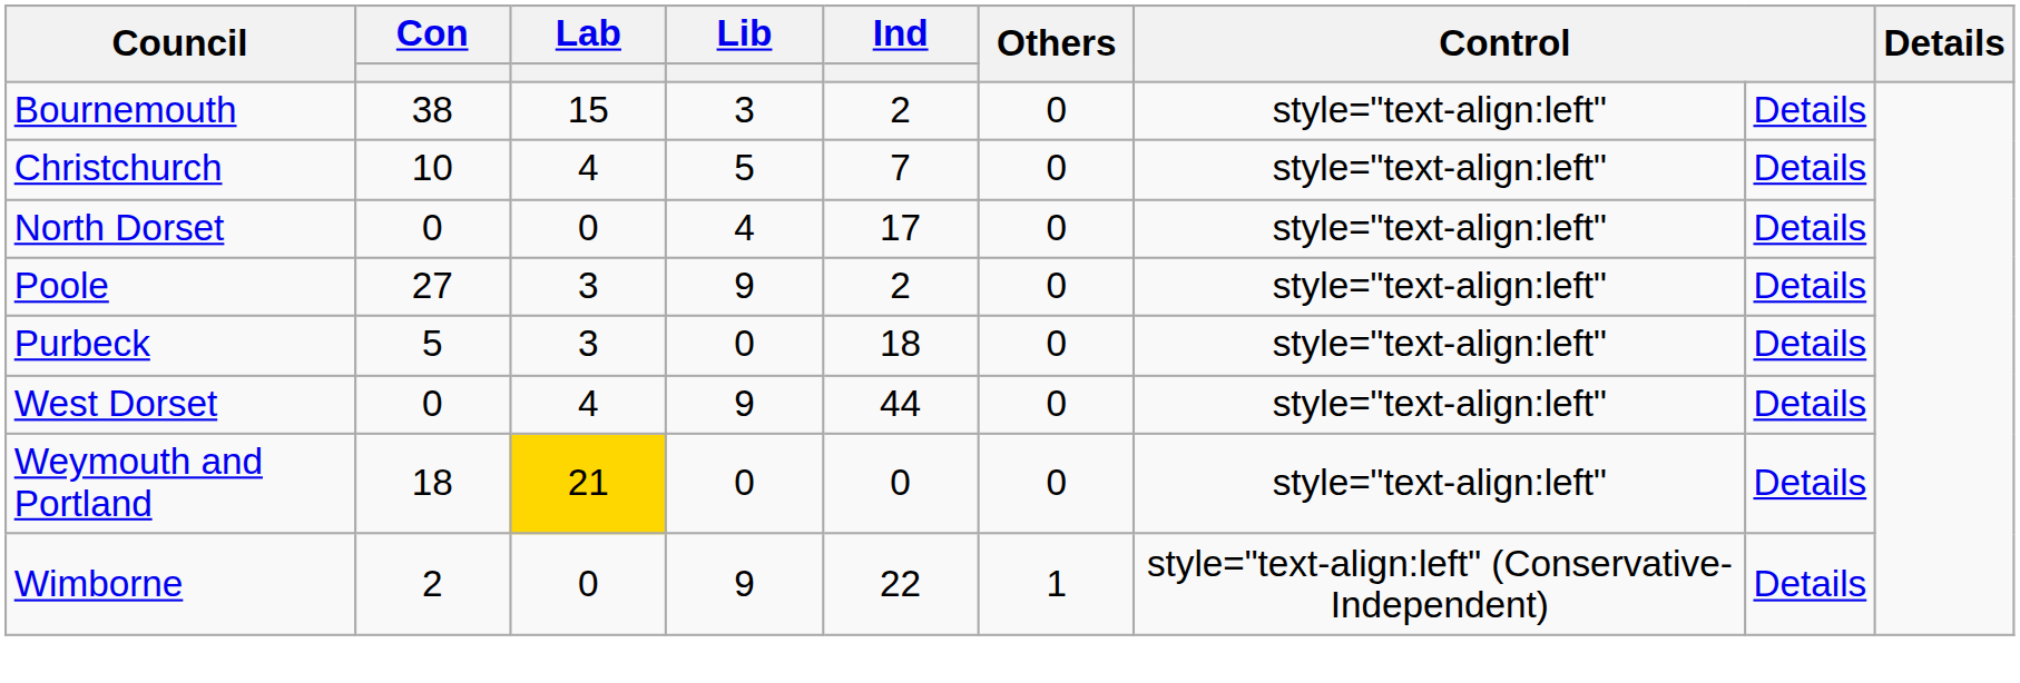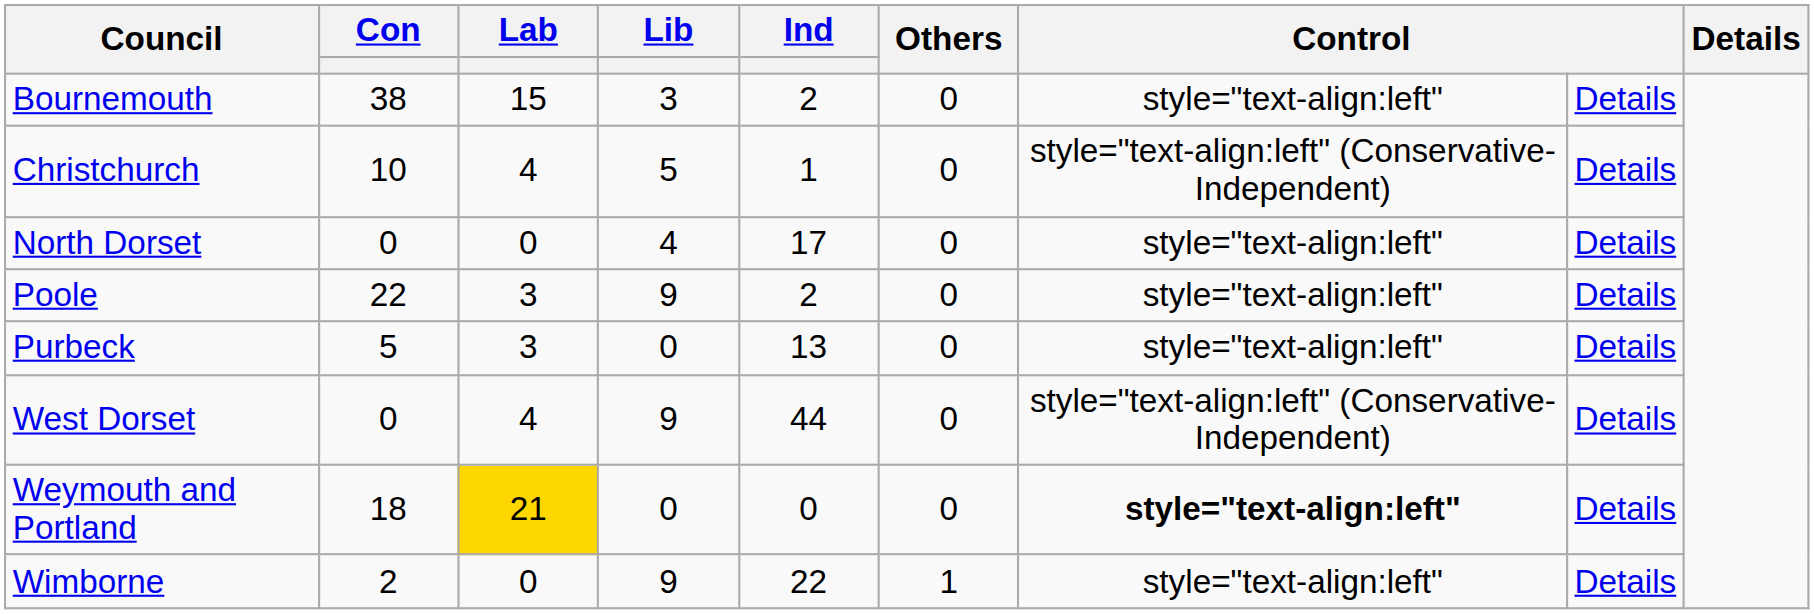 <table class="wikitable" style="text-align:center;">
 <tr>
 <th rowspan=2>Council</th>
 <th style="width:60px;"><a href='#'>Con</a></th>
 <th style="width:60px;"><a href='#'>Lab</a></th>
 <th style="width:60px;"><a href='#'>Lib</a></th>
 <th style="width:60px;"><a href='#'>Ind</a></th>
 <th style="width:60px;" rowspan=2>Others</th>
 <th rowspan=2 colspan=2>Control</th>
 <th rowspan=2>Details</th>
 </tr>
 <tr>
 <th style="background:"></th>
 <th style="background:"></th>
 <th style="background:"></th>
 <th style="background:"></th>
 </tr>
 <tr>
 <td style="text-align:left"><a href='#'>Bournemouth</a></td>
 <td>38</td>
 <td>15</td>
 <td>3</td>
 <td>2</td>
 <td>0</td>
 <td>style="text-align:left" </td>
 <td style="text-align:left"><a href='#'>Details</a></td>
 </tr>
 <tr>
 <td style="text-align:left"><a href='#'>Christchurch</a></td>
 <td>10</td>
 <td>4</td>
 <td>5</td>
-<td>7</td>
+<td>1</td>
 <td>0</td>
-<td>style="text-align:left" </td>
+<td>style="text-align:left"  (Conservative-Independent)</td>
 <td style="text-align:left"><a href='#'>Details</a></td>
 </tr>
 <tr>
 <td style="text-align:left"><a href='#'>North Dorset</a></td>
 <td>0</td>
 <td>0</td>
 <td>4</td>
 <td>17</td>
 <td>0</td>
 <td>style="text-align:left" </td>
 <td style="text-align:left"><a href='#'>Details</a></td>
 </tr>
 <tr>
 <td style="text-align:left"><a href='#'>Poole</a></td>
-<td>27</td>
+<td>22</td>
 <td>3</td>
 <td>9</td>
 <td>2</td>
 <td>0</td>
 <td>style="text-align:left" </td>
 <td style="text-align:left"><a href='#'>Details</a></td>
 </tr>
 <tr>
 <td style="text-align:left"><a href='#'>Purbeck</a></td>
 <td>5</td>
 <td>3</td>
 <td>0</td>
-<td>18</td>
+<td>13</td>
 <td>0</td>
 <td>style="text-align:left" </td>
 <td style="text-align:left"><a href='#'>Details</a></td>
 </tr>
 <tr>
 <td style="text-align:left"><a href='#'>West Dorset</a></td>
 <td>0</td>
 <td>4</td>
 <td>9</td>
 <td>44</td>
 <td>0</td>
-<td>style="text-align:left" </td>
+<td>style="text-align:left"  (Conservative-Independent)</td>
 <td style="text-align:left"><a href='#'>Details</a></td>
 </tr>
 <tr>
 <td style="text-align:left"><a href='#'>Weymouth and Portland</a></td>
 <td>18</td>
 <td style="background: gold;">21</td>
 <td>0</td>
 <td>0</td>
 <td>0</td>
-<td>style="text-align:left" </td>
+<td><strong>style="text-align:left" </strong></td>
 <td style="text-align:left"><a href='#'>Details</a></td>
 </tr>
 <tr>
 <td style="text-align:left"><a href='#'>Wimborne</a></td>
 <td>2</td>
 <td>0</td>
 <td>9</td>
 <td>22</td>
 <td>1</td>
-<td>style="text-align:left"  (Conservative-Independent)</td>
+<td>style="text-align:left" </td>
 <td style="text-align:left"><a href='#'>Details</a></td>
 </tr>
 </table>
